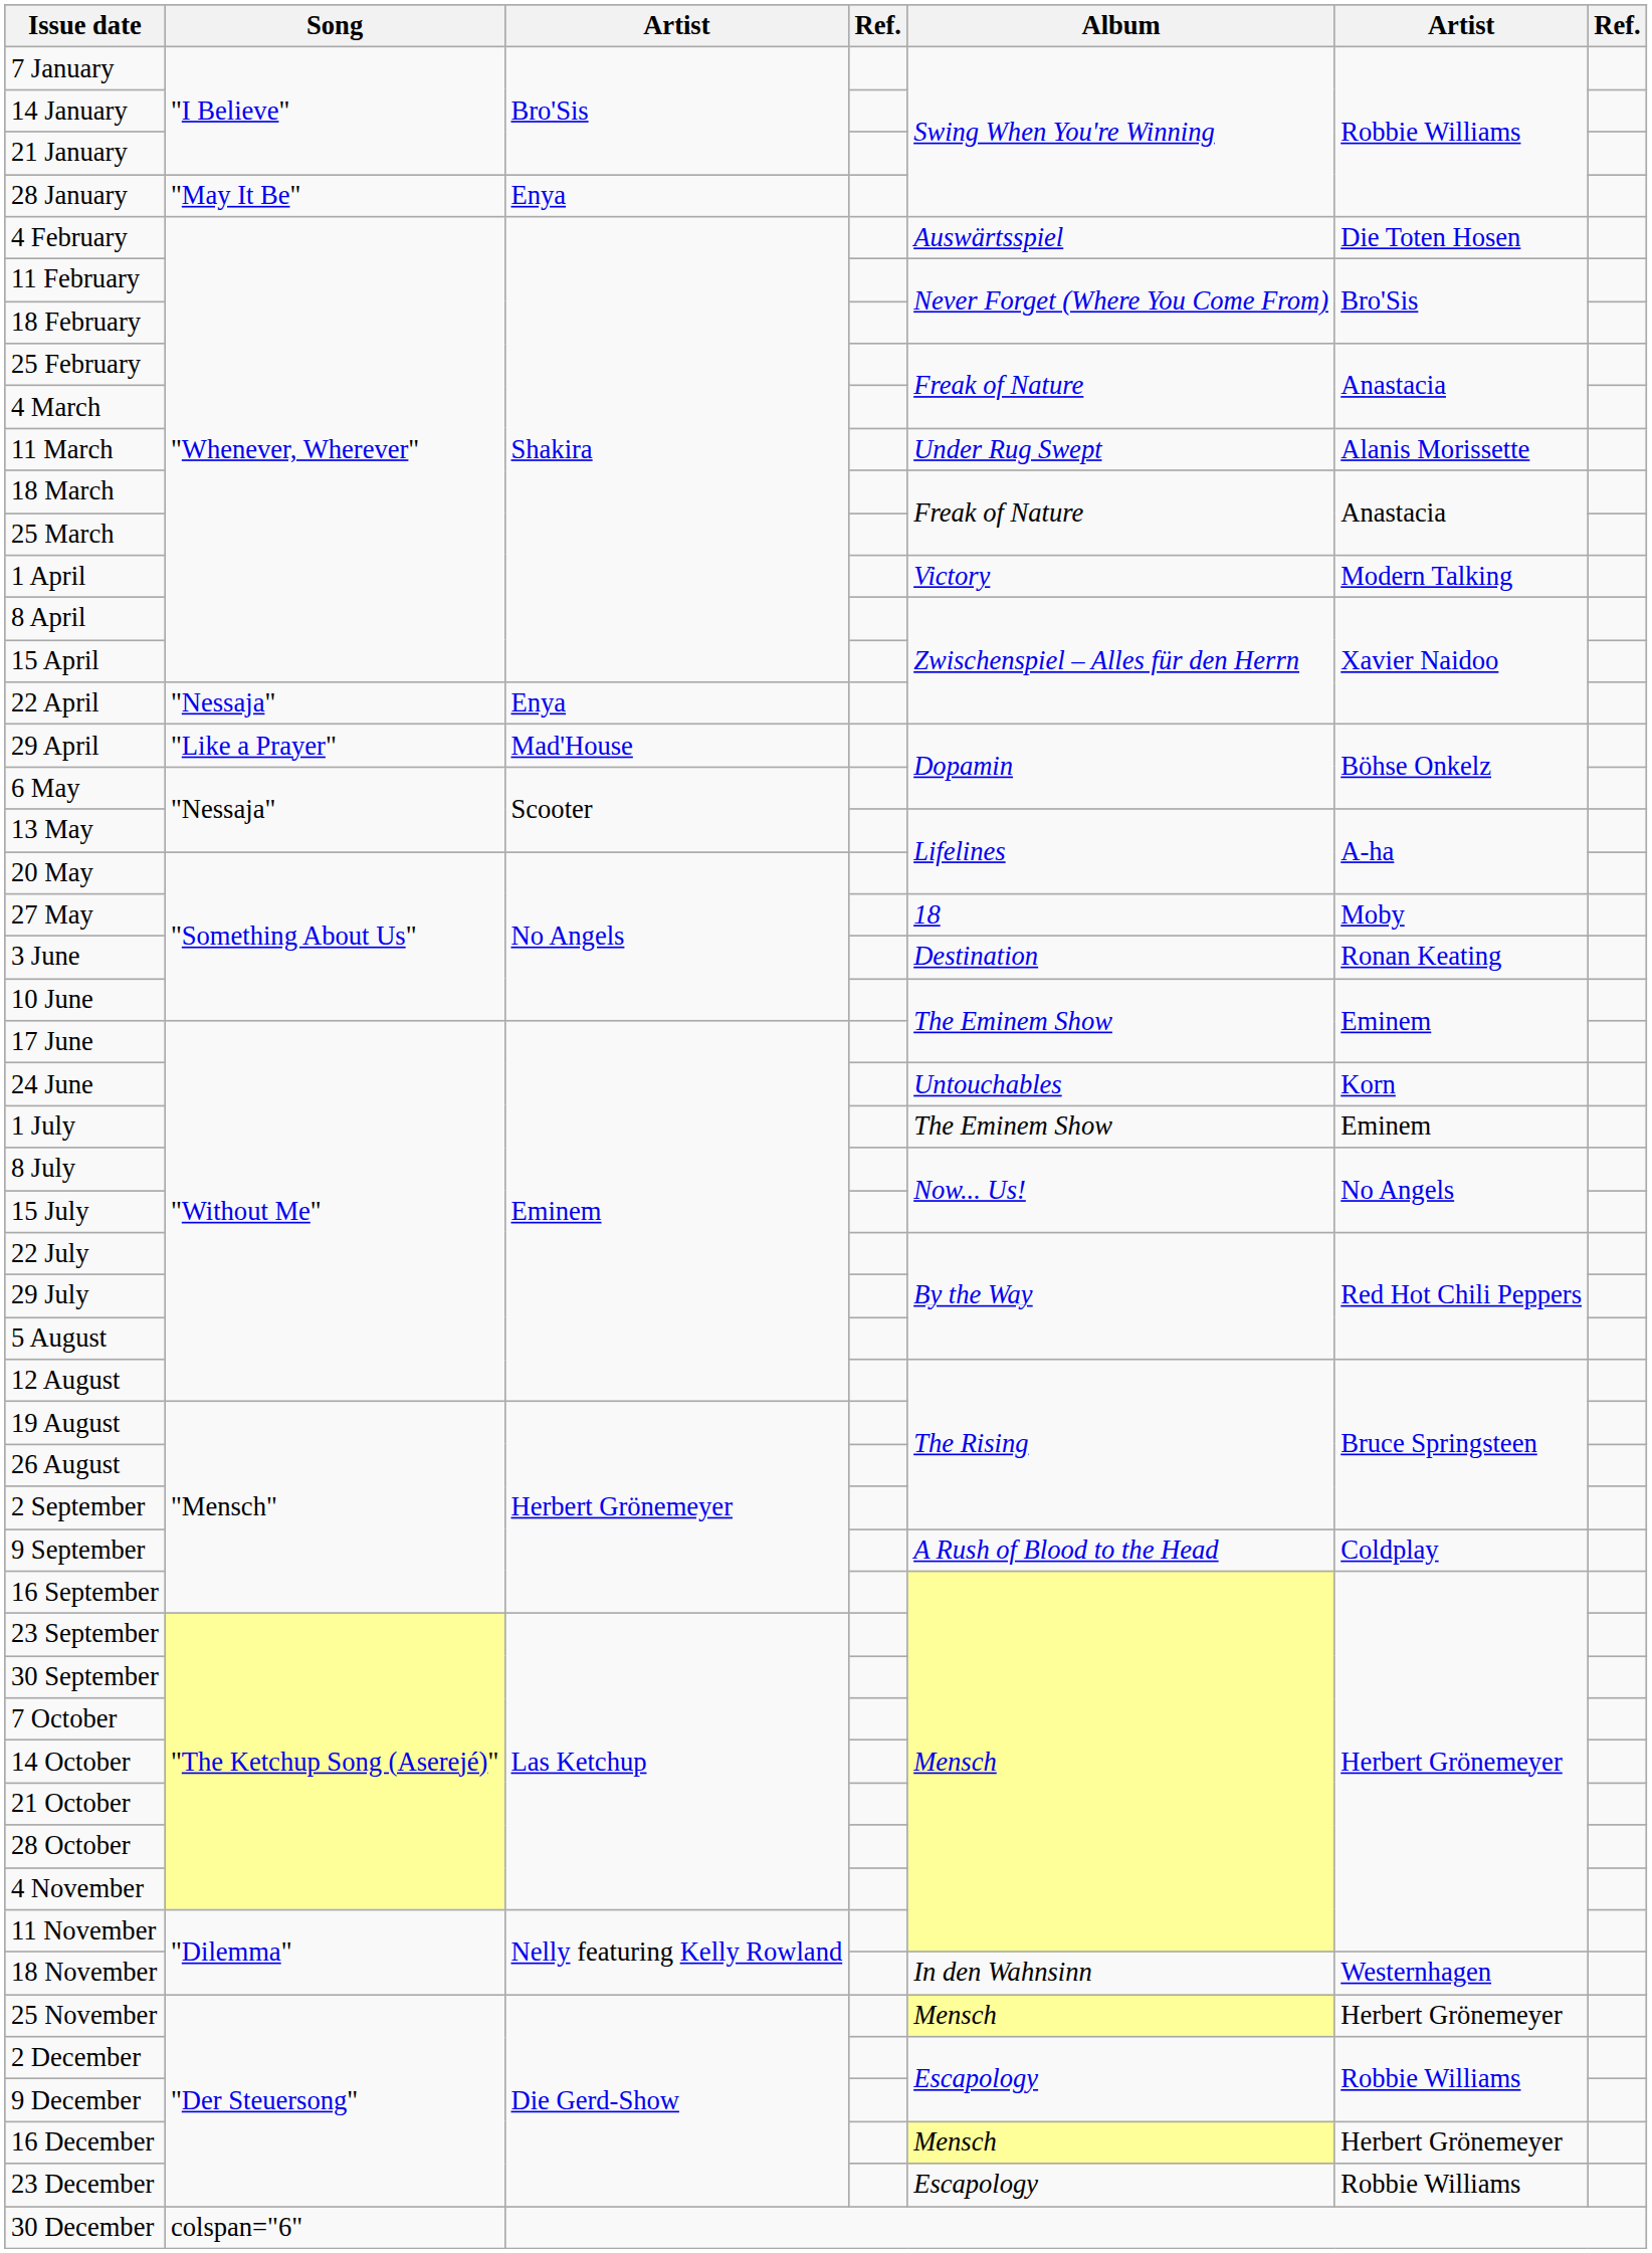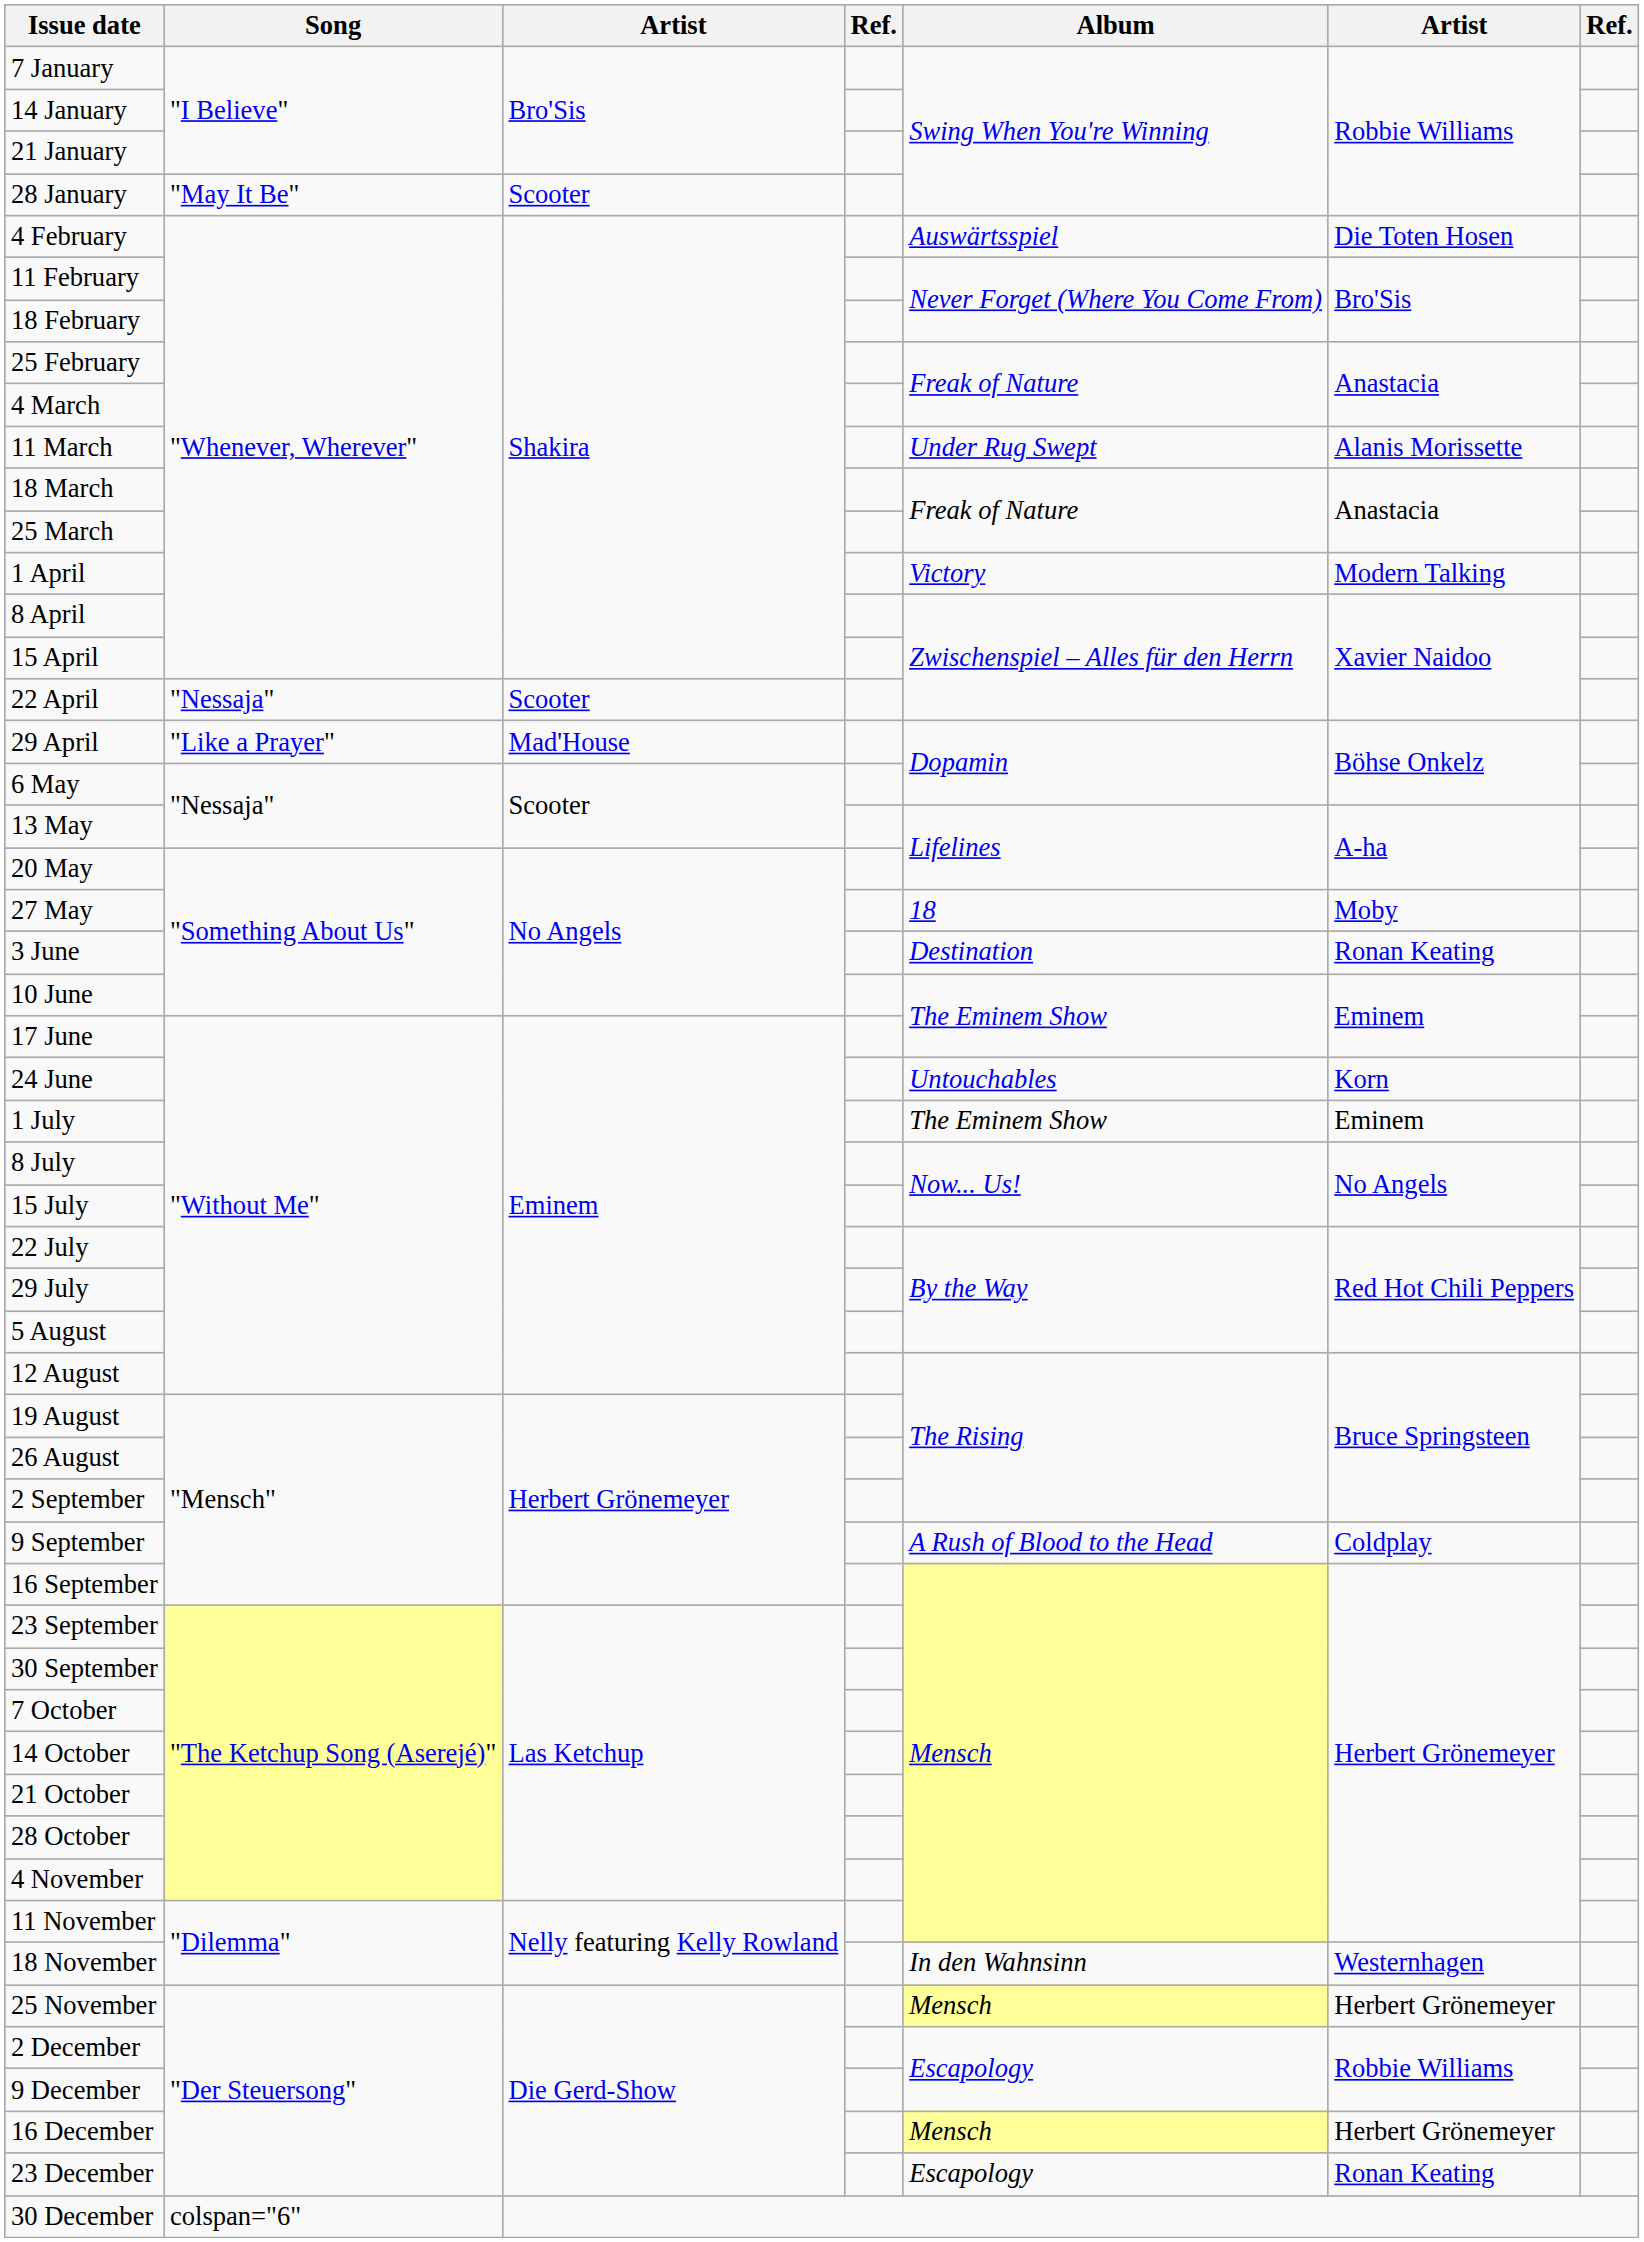 <table class="sortable wikitable">
 <tr>
 <th>Issue date</th>
 <th>Song</th>
 <th>Artist</th>
 <th>Ref.</th>
 <th>Album</th>
 <th>Artist</th>
 <th>Ref.</th>
 </tr>
 <tr>
 <td>7 January</td>
 <td rowspan="3">"<a href='#'>I Believe</a>"</td>
 <td rowspan="3"><a href='#'>Bro'Sis</a></td>
 <td align="center"></td>
 <td rowspan="4"><em><a href='#'>Swing When You're Winning</a></em></td>
 <td rowspan="4"><a href='#'>Robbie Williams</a></td>
 <td align="center"></td>
 </tr>
 <tr>
 <td>14 January</td>
 <td align="center"></td>
 <td align="center"></td>
 </tr>
 <tr>
 <td>21 January</td>
 <td align="center"></td>
 <td align="center"></td>
 </tr>
 <tr>
 <td>28 January</td>
 <td>"<a href='#'>May It Be</a>"</td>
-<td><a href='#'>Enya</a></td>
+<td><a href='#'>Scooter</a></td>
 <td align="center"></td>
 <td align="center"></td>
 </tr>
 <tr>
 <td>4 February</td>
 <td rowspan="11">"<a href='#'>Whenever, Wherever</a>"</td>
 <td rowspan="11"><a href='#'>Shakira</a></td>
 <td align="center"></td>
 <td><em><a href='#'>Auswärtsspiel</a></em></td>
 <td><a href='#'>Die Toten Hosen</a></td>
 <td align="center"></td>
 </tr>
 <tr>
 <td>11 February</td>
 <td align="center"></td>
 <td rowspan="2"><em><a href='#'>Never Forget (Where You Come From)</a></em></td>
 <td rowspan="2"><a href='#'>Bro'Sis</a></td>
 <td align="center"></td>
 </tr>
 <tr>
 <td>18 February</td>
 <td align="center"></td>
 <td align="center"></td>
 </tr>
 <tr>
 <td>25 February</td>
 <td align="center"></td>
 <td rowspan="2"><em><a href='#'>Freak of Nature</a></em></td>
 <td rowspan="2"><a href='#'>Anastacia</a></td>
 <td align="center"></td>
 </tr>
 <tr>
 <td>4 March</td>
 <td align="center"></td>
 <td align="center"></td>
 </tr>
 <tr>
 <td>11 March</td>
 <td align="center"></td>
 <td><em><a href='#'>Under Rug Swept</a></em></td>
 <td><a href='#'>Alanis Morissette</a></td>
 <td align="center"></td>
 </tr>
 <tr>
 <td>18 March</td>
 <td align="center"></td>
 <td rowspan="2"><em>Freak of Nature</em></td>
 <td rowspan="2">Anastacia</td>
 <td align="center"></td>
 </tr>
 <tr>
 <td>25 March</td>
 <td align="center"></td>
 <td align="center"></td>
 </tr>
 <tr>
 <td>1 April</td>
 <td align="center"></td>
 <td><em><a href='#'>Victory</a></em></td>
 <td><a href='#'>Modern Talking</a></td>
 <td align="center"></td>
 </tr>
 <tr>
 <td>8 April</td>
 <td align="center"></td>
 <td rowspan="3"><em><a href='#'>Zwischenspiel – Alles für den Herrn</a></em></td>
 <td rowspan="3"><a href='#'>Xavier Naidoo</a></td>
 <td align="center"></td>
 </tr>
 <tr>
 <td>15 April</td>
 <td align="center"></td>
 <td align="center"></td>
 </tr>
 <tr>
 <td>22 April</td>
 <td>"<a href='#'>Nessaja</a>"</td>
-<td><a href='#'>Enya</a></td>
+<td><a href='#'>Scooter</a></td>
 <td align="center"></td>
 <td align="center"></td>
 </tr>
 <tr>
 <td>29 April</td>
 <td>"<a href='#'>Like a Prayer</a>"</td>
 <td><a href='#'>Mad'House</a></td>
 <td align="center"></td>
 <td rowspan="2"><em><a href='#'>Dopamin</a></em></td>
 <td rowspan="2"><a href='#'>Böhse Onkelz</a></td>
 <td align="center"></td>
 </tr>
 <tr>
 <td>6 May</td>
 <td rowspan="2">"Nessaja"</td>
 <td rowspan="2">Scooter</td>
 <td align="center"></td>
 <td align="center"></td>
 </tr>
 <tr>
 <td>13 May</td>
 <td align="center"></td>
 <td rowspan="2"><em><a href='#'>Lifelines</a></em></td>
 <td rowspan="2"><a href='#'>A-ha</a></td>
 <td align="center"></td>
 </tr>
 <tr>
 <td>20 May</td>
 <td rowspan="4">"<a href='#'>Something About Us</a>"</td>
 <td rowspan="4"><a href='#'>No Angels</a></td>
 <td align="center"></td>
 <td align="center"></td>
 </tr>
 <tr>
 <td>27 May</td>
 <td align="center"></td>
 <td><em><a href='#'>18</a></em></td>
 <td><a href='#'>Moby</a></td>
 <td align="center"></td>
 </tr>
 <tr>
 <td>3 June</td>
 <td align="center"></td>
 <td><em><a href='#'>Destination</a></em></td>
 <td><a href='#'>Ronan Keating</a></td>
 <td align="center"></td>
 </tr>
 <tr>
 <td>10 June</td>
 <td align="center"></td>
 <td rowspan="2"><em><a href='#'>The Eminem Show</a></em></td>
 <td rowspan="2"><a href='#'>Eminem</a></td>
 <td align="center"></td>
 </tr>
 <tr>
 <td>17 June</td>
 <td rowspan="9">"<a href='#'>Without Me</a>"</td>
 <td rowspan="9"><a href='#'>Eminem</a></td>
 <td align="center"></td>
 <td align="center"></td>
 </tr>
 <tr>
 <td>24 June</td>
 <td align="center"></td>
 <td><em><a href='#'>Untouchables</a></em></td>
 <td><a href='#'>Korn</a></td>
 <td align="center"></td>
 </tr>
 <tr>
 <td>1 July</td>
 <td align="center"></td>
 <td><em>The Eminem Show</em></td>
 <td>Eminem</td>
 <td align="center"></td>
 </tr>
 <tr>
 <td>8 July</td>
 <td align="center"></td>
 <td rowspan="2"><em><a href='#'>Now... Us!</a></em></td>
 <td rowspan="2"><a href='#'>No Angels</a></td>
 <td align="center"></td>
 </tr>
 <tr>
 <td>15 July</td>
 <td align="center"></td>
 <td align="center"></td>
 </tr>
 <tr>
 <td>22 July</td>
 <td align="center"></td>
 <td rowspan="3"><em><a href='#'>By the Way</a></em></td>
 <td rowspan="3"><a href='#'>Red Hot Chili Peppers</a></td>
 <td align="center"></td>
 </tr>
 <tr>
 <td>29 July</td>
 <td align="center"></td>
 <td align="center"></td>
 </tr>
 <tr>
 <td>5 August</td>
 <td align="center"></td>
 <td align="center"></td>
 </tr>
 <tr>
 <td>12 August</td>
 <td align="center"></td>
 <td rowspan="4"><em><a href='#'>The Rising</a></em></td>
 <td rowspan="4"><a href='#'>Bruce Springsteen</a></td>
 <td align="center"></td>
 </tr>
 <tr>
 <td>19 August</td>
 <td rowspan="5">"Mensch"</td>
 <td rowspan="5"><a href='#'>Herbert Grönemeyer</a></td>
 <td align="center"></td>
 <td align="center"></td>
 </tr>
 <tr>
 <td>26 August</td>
 <td align="center"></td>
 <td align="center"></td>
 </tr>
 <tr>
 <td>2 September</td>
 <td align="center"></td>
 <td align="center"></td>
 </tr>
 <tr>
 <td>9 September</td>
 <td align="center"></td>
 <td><em><a href='#'>A Rush of Blood to the Head</a></em></td>
 <td><a href='#'>Coldplay</a></td>
 <td align="center"></td>
 </tr>
 <tr>
 <td>16 September</td>
 <td align="center"></td>
 <td bgcolor=#FFFF99 rowspan="9"><em><a href='#'>Mensch</a></em> </td>
 <td rowspan="9"><a href='#'>Herbert Grönemeyer</a></td>
 <td align="center"></td>
 </tr>
 <tr>
 <td>23 September</td>
 <td bgcolor=#FFFF99 rowspan="7">"<a href='#'>The Ketchup Song (Aserejé)</a>" </td>
 <td rowspan="7"><a href='#'>Las Ketchup</a></td>
 <td align="center"></td>
 <td align="center"></td>
 </tr>
 <tr>
 <td>30 September</td>
 <td align="center"></td>
 <td align="center"></td>
 </tr>
 <tr>
 <td>7 October</td>
 <td align="center"></td>
 <td align="center"></td>
 </tr>
 <tr>
 <td>14 October</td>
 <td align="center"></td>
 <td align="center"></td>
 </tr>
 <tr>
 <td>21 October</td>
 <td align="center"></td>
 <td align="center"></td>
 </tr>
 <tr>
 <td>28 October</td>
 <td align="center"></td>
 <td align="center"></td>
 </tr>
 <tr>
 <td>4 November</td>
 <td align="center"></td>
 <td align="center"></td>
 </tr>
 <tr>
 <td>11 November</td>
 <td rowspan="2">"<a href='#'>Dilemma</a>"</td>
 <td rowspan="2"><a href='#'>Nelly</a> featuring <a href='#'>Kelly Rowland</a></td>
 <td align="center"></td>
 <td align="center"></td>
 </tr>
 <tr>
 <td>18 November</td>
 <td align="center"></td>
 <td><em>In den Wahnsinn</em></td>
 <td><a href='#'>Westernhagen</a></td>
 <td align="center"></td>
 </tr>
 <tr>
 <td>25 November</td>
 <td rowspan="5">"<a href='#'>Der Steuersong</a>"</td>
 <td rowspan="5"><a href='#'>Die Gerd-Show</a></td>
 <td align="center"></td>
 <td bgcolor=#FFFF99><em>Mensch</em> </td>
 <td>Herbert Grönemeyer</td>
 <td align="center"></td>
 </tr>
 <tr>
 <td>2 December</td>
 <td align="center"></td>
 <td rowspan="2"><em><a href='#'>Escapology</a></em></td>
 <td rowspan="2"><a href='#'>Robbie Williams</a></td>
 <td align="center"></td>
 </tr>
 <tr>
 <td>9 December</td>
 <td align="center"></td>
 <td align="center"></td>
 </tr>
 <tr>
 <td>16 December</td>
 <td align="center"></td>
 <td bgcolor=#FFFF99><em>Mensch</em> </td>
 <td>Herbert Grönemeyer</td>
 <td align="center"></td>
 </tr>
 <tr>
 <td>23 December</td>
 <td align="center"></td>
 <td><em>Escapology</em></td>
-<td>Robbie Williams</td>
+<td><a href='#'>Ronan Keating</a></td>
 <td align="center"></td>
 </tr>
 <tr>
 <td>30 December</td>
 <td>colspan="6" </td>
 </tr>
 </table>
